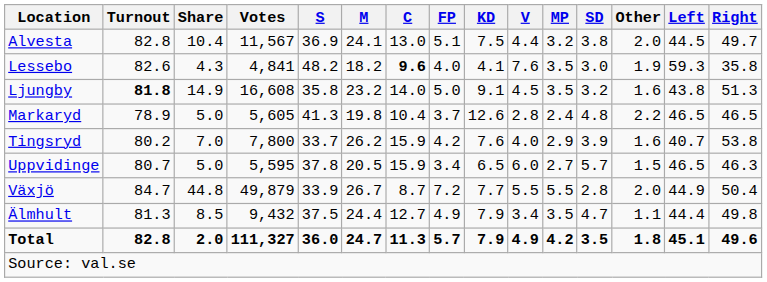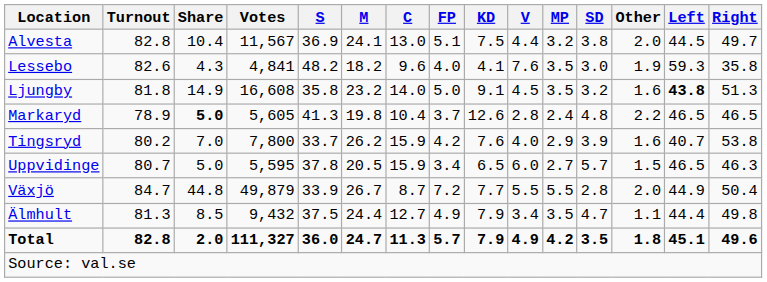 <table class="wikitable sortable" style=text-align:right>
 <tr>
 <th>Location</th>
 <th>Turnout</th>
 <th>Share</th>
 <th>Votes</th>
 <th><a href='#'>S</a></th>
 <th><a href='#'>M</a></th>
 <th><a href='#'>C</a></th>
 <th><a href='#'>FP</a></th>
 <th><a href='#'>KD</a></th>
 <th><a href='#'>V</a></th>
 <th><a href='#'>MP</a></th>
 <th><a href='#'>SD</a></th>
 <th>Other</th>
 <th><a href='#'>Left</a></th>
 <th><a href='#'>Right</a></th>
 </tr>
 <tr>
 <td align=left><a href='#'>Alvesta</a></td>
 <td>82.8</td>
 <td>10.4</td>
 <td>11,567</td>
 <td>36.9</td>
 <td>24.1</td>
 <td>13.0</td>
 <td>5.1</td>
 <td>7.5</td>
 <td>4.4</td>
 <td>3.2</td>
 <td>3.8</td>
 <td>2.0</td>
 <td>44.5</td>
 <td>49.7</td>
 </tr>
 <tr>
 <td align=left><a href='#'>Lessebo</a></td>
 <td>82.6</td>
 <td>4.3</td>
 <td>4,841</td>
 <td>48.2</td>
 <td>18.2</td>
-<td><strong>9.6</strong></td>
+<td>9.6</td>
 <td>4.0</td>
 <td>4.1</td>
 <td>7.6</td>
 <td>3.5</td>
 <td>3.0</td>
 <td>1.9</td>
 <td>59.3</td>
 <td>35.8</td>
 </tr>
 <tr>
 <td align=left><a href='#'>Ljungby</a></td>
-<td><strong>81.8</strong></td>
+<td>81.8</td>
 <td>14.9</td>
 <td>16,608</td>
 <td>35.8</td>
 <td>23.2</td>
 <td>14.0</td>
 <td>5.0</td>
 <td>9.1</td>
 <td>4.5</td>
 <td>3.5</td>
 <td>3.2</td>
 <td>1.6</td>
-<td>43.8</td>
+<td><strong>43.8</strong></td>
 <td>51.3</td>
 </tr>
 <tr>
 <td align=left><a href='#'>Markaryd</a></td>
 <td>78.9</td>
-<td>5.0</td>
+<td><strong>5.0</strong></td>
 <td>5,605</td>
 <td>41.3</td>
 <td>19.8</td>
 <td>10.4</td>
 <td>3.7</td>
 <td>12.6</td>
 <td>2.8</td>
 <td>2.4</td>
 <td>4.8</td>
 <td>2.2</td>
 <td>46.5</td>
 <td>46.5</td>
 </tr>
 <tr>
 <td align=left><a href='#'>Tingsryd</a></td>
 <td>80.2</td>
 <td>7.0</td>
 <td>7,800</td>
 <td>33.7</td>
 <td>26.2</td>
 <td>15.9</td>
 <td>4.2</td>
 <td>7.6</td>
 <td>4.0</td>
 <td>2.9</td>
 <td>3.9</td>
 <td>1.6</td>
 <td>40.7</td>
 <td>53.8</td>
 </tr>
 <tr>
 <td align=left><a href='#'>Uppvidinge</a></td>
 <td>80.7</td>
 <td>5.0</td>
 <td>5,595</td>
 <td>37.8</td>
 <td>20.5</td>
 <td>15.9</td>
 <td>3.4</td>
 <td>6.5</td>
 <td>6.0</td>
 <td>2.7</td>
 <td>5.7</td>
 <td>1.5</td>
 <td>46.5</td>
 <td>46.3</td>
 </tr>
 <tr>
 <td align=left><a href='#'>Växjö</a></td>
 <td>84.7</td>
 <td>44.8</td>
 <td>49,879</td>
 <td>33.9</td>
 <td>26.7</td>
 <td>8.7</td>
 <td>7.2</td>
 <td>7.7</td>
 <td>5.5</td>
 <td>5.5</td>
 <td>2.8</td>
 <td>2.0</td>
 <td>44.9</td>
 <td>50.4</td>
 </tr>
 <tr>
 <td align=left><a href='#'>Älmhult</a></td>
 <td>81.3</td>
 <td>8.5</td>
 <td>9,432</td>
 <td>37.5</td>
 <td>24.4</td>
 <td>12.7</td>
 <td>4.9</td>
 <td>7.9</td>
 <td>3.4</td>
 <td>3.5</td>
 <td>4.7</td>
 <td>1.1</td>
 <td>44.4</td>
 <td>49.8</td>
 </tr>
 <tr>
 <td align=left><strong>Total</strong></td>
 <td><strong>82.8</strong></td>
 <td><strong>2.0</strong></td>
 <td><strong>111,327</strong></td>
 <td><strong>36.0</strong></td>
 <td><strong>24.7</strong></td>
 <td><strong>11.3</strong></td>
 <td><strong>5.7</strong></td>
 <td><strong>7.9</strong></td>
 <td><strong>4.9</strong></td>
 <td><strong>4.2</strong></td>
 <td><strong>3.5</strong></td>
 <td><strong>1.8</strong></td>
 <td><strong>45.1</strong></td>
 <td><strong>49.6</strong></td>
 </tr>
 <tr>
 <td align=left colspan=15>Source: val.se </td>
 </tr>
 </table>
